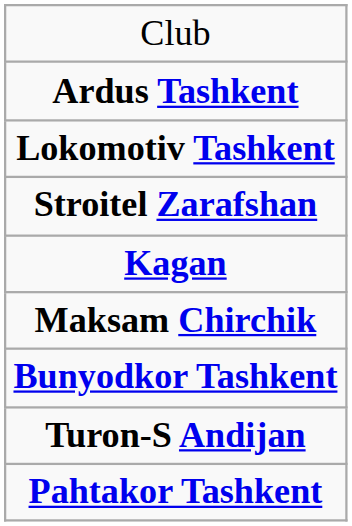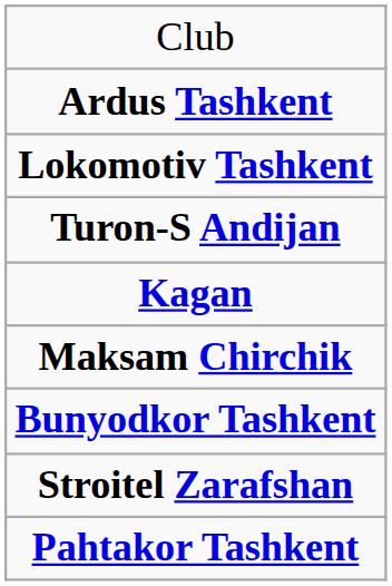 <table class="wikitable" style="text-align: center;">
 <tr>
 <td>Club</td>
 </tr>
 <tr>
 <td><strong>Ardus <a href='#'>Tashkent</a></strong></td>
 </tr>
 <tr>
 <td><strong>Lokomotiv <a href='#'>Tashkent</a></strong></td>
 </tr>
 <tr>
-<td><strong>Stroitel <a href='#'>Zarafshan</a></strong></td>
+<td><strong>Turon-S <a href='#'>Andijan</a></strong></td>
 </tr>
 <tr>
 <td><strong><a href='#'>Kagan</a></strong></td>
 </tr>
 <tr>
 <td><strong>Maksam <a href='#'>Chirchik</a></strong></td>
 </tr>
 <tr>
 <td><strong><a href='#'>Bunyodkor Tashkent</a></strong></td>
 </tr>
 <tr>
-<td><strong>Turon-S <a href='#'>Andijan</a></strong></td>
+<td><strong>Stroitel <a href='#'>Zarafshan</a></strong></td>
 </tr>
 <tr>
 <td><strong><a href='#'>Pahtakor Tashkent</a></strong></td>
 </tr>
 </table>
